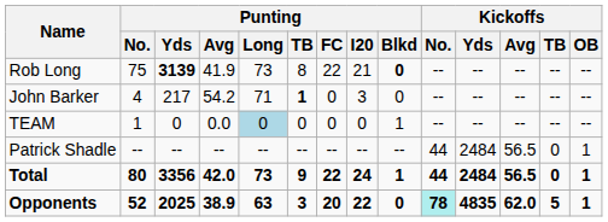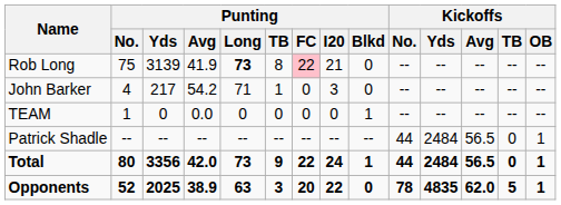 <table class="wikitable" style="white-space:nowrap;">
 <tr>
 <th rowspan="2">Name</th>
 <th colspan="8">Punting</th>
 <th colspan="5">Kickoffs</th>
 </tr>
 <tr>
 <th>No.</th>
 <th>Yds</th>
 <th>Avg</th>
 <th>Long</th>
 <th>TB</th>
 <th>FC</th>
 <th>I20</th>
 <th>Blkd</th>
 <th>No.</th>
 <th>Yds</th>
 <th>Avg</th>
 <th>TB</th>
 <th>OB</th>
 </tr>
 <tr>
 <td>Rob Long</td>
 <td align="center">75</td>
-<td align="center"><strong>3139</strong></td>
+<td align="center">3139</td>
 <td align="center">41.9</td>
-<td align="center">73</td>
+<td align="center"><strong>73</strong></td>
 <td align="center">8</td>
-<td align="center">22</td>
+<td align="center" style="background: pink;">22</td>
 <td align="center">21</td>
-<td align="center"><strong>0</strong></td>
+<td align="center">0</td>
 <td align="center">--</td>
 <td align="center">--</td>
 <td align="center">--</td>
 <td align="center">--</td>
 <td align="center">--</td>
 </tr>
 <tr>
 <td>John Barker</td>
 <td align="center">4</td>
 <td align="center">217</td>
 <td align="center">54.2</td>
 <td align="center">71</td>
-<td align="center"><strong>1</strong></td>
+<td align="center">1</td>
 <td align="center">0</td>
 <td align="center">3</td>
 <td align="center">0</td>
 <td align="center">--</td>
 <td align="center">--</td>
 <td align="center">--</td>
 <td align="center">--</td>
 <td align="center">--</td>
 </tr>
 <tr>
 <td>TEAM</td>
 <td align="center">1</td>
 <td align="center">0</td>
 <td align="center">0.0</td>
-<td align="center" style="background: lightblue;">0</td>
+<td align="center">0</td>
 <td align="center">0</td>
 <td align="center">0</td>
 <td align="center">0</td>
 <td align="center">1</td>
 <td align="center">--</td>
 <td align="center">--</td>
 <td align="center">--</td>
 <td align="center">--</td>
 <td align="center">--</td>
 </tr>
 <tr>
 <td>Patrick Shadle</td>
 <td align="center">--</td>
 <td align="center">--</td>
 <td align="center">--</td>
 <td align="center">--</td>
 <td align="center">--</td>
 <td align="center">--</td>
 <td align="center">--</td>
 <td align="center">--</td>
 <td align="center">44</td>
 <td align="center">2484</td>
 <td align="center">56.5</td>
 <td align="center">0</td>
 <td align="center">1</td>
 </tr>
 <tr>
 <td><strong>Total</strong></td>
 <td align="center"><strong>80</strong></td>
 <td align="center"><strong>3356</strong></td>
 <td align="center"><strong>42.0</strong></td>
 <td align="center"><strong>73</strong></td>
 <td align="center"><strong>9</strong></td>
 <td align="center"><strong>22</strong></td>
 <td align="center"><strong>24</strong></td>
 <td align="center"><strong>1</strong></td>
 <td align="center"><strong>44</strong></td>
 <td align="center"><strong>2484</strong></td>
 <td align="center"><strong>56.5</strong></td>
 <td align="center"><strong>0</strong></td>
 <td align="center"><strong>1</strong></td>
 </tr>
 <tr>
 <td><strong>Opponents</strong></td>
 <td align="center"><strong>52</strong></td>
 <td align="center"><strong>2025</strong></td>
 <td align="center"><strong>38.9</strong></td>
 <td align="center"><strong>63</strong></td>
 <td align="center"><strong>3</strong></td>
 <td align="center"><strong>20</strong></td>
 <td align="center"><strong>22</strong></td>
 <td align="center"><strong>0</strong></td>
-<td align="center" style="background: paleturquoise;"><strong>78</strong></td>
+<td align="center"><strong>78</strong></td>
 <td align="center"><strong>4835</strong></td>
 <td align="center"><strong>62.0</strong></td>
 <td align="center"><strong>5</strong></td>
 <td align="center"><strong>1</strong></td>
 </tr>
 </table>
